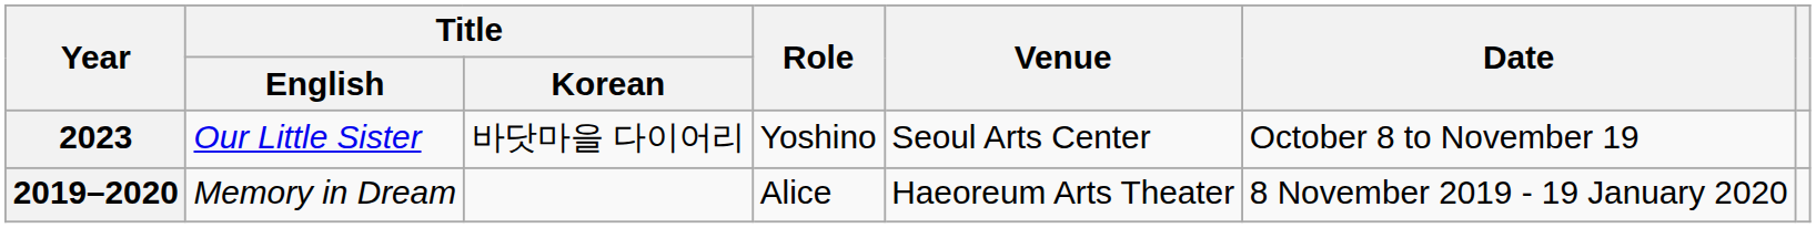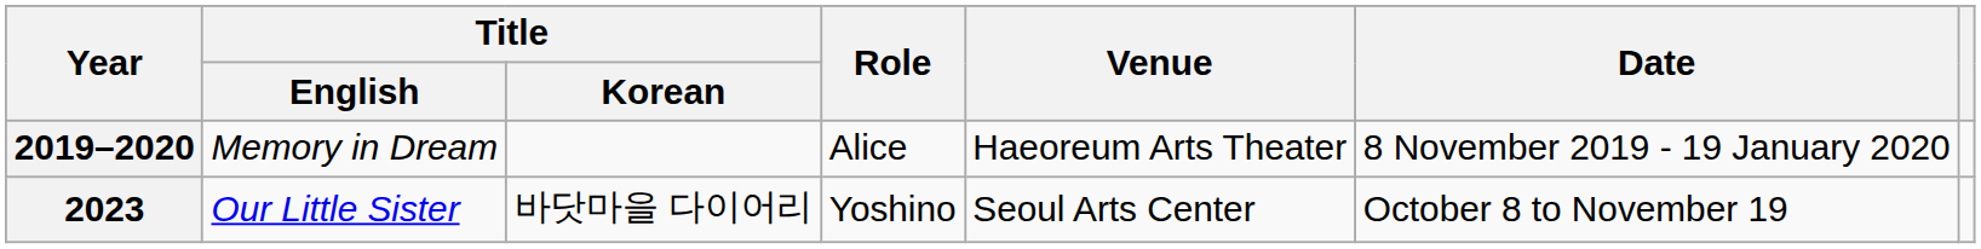 <table class="wikitable sortable plainrowheaders" style="text-align:left; font-size:100%;">
 <tr>
 <th scope="col" rowspan="2">Year</th>
 <th scope="col" colspan="2">Title</th>
 <th scope="col" rowspan="2">Role</th>
 <th scope="col" rowspan="2" class="unsortable">Venue</th>
 <th scope="col" rowspan="2">Date</th>
 <th rowspan="2" scope="col" class="unsortable"></th>
 </tr>
 <tr>
 <th>English</th>
 <th>Korean</th>
 </tr>
 <tr>
+<th scope="row">2019–2020</th>
+<td><em>Memory in Dream</em></td>
+<td></td>
+<td>Alice</td>
+<td>Haeoreum Arts Theater</td>
+<td>8 November 2019 - 19 January 2020</td>
+<td Style="text-align:center;"></td>
+</tr>
+<tr>
 <th scope="row">2023</th>
 <td><em><a href='#'>Our Little Sister</a></em></td>
 <td>바닷마을 다이어리</td>
 <td>Yoshino</td>
 <td>Seoul Arts Center</td>
 <td>October 8 to November 19</td>
 <td style="text-align:center"></td>
 </tr>
-<tr>
-<th scope="row">2019–2020</th>
-<td><em>Memory in Dream</em></td>
-<td></td>
-<td>Alice</td>
-<td>Haeoreum Arts Theater</td>
-<td>8 November 2019 - 19 January 2020</td>
-<td Style="text-align:center;"></td>
-</tr>
 </table>
